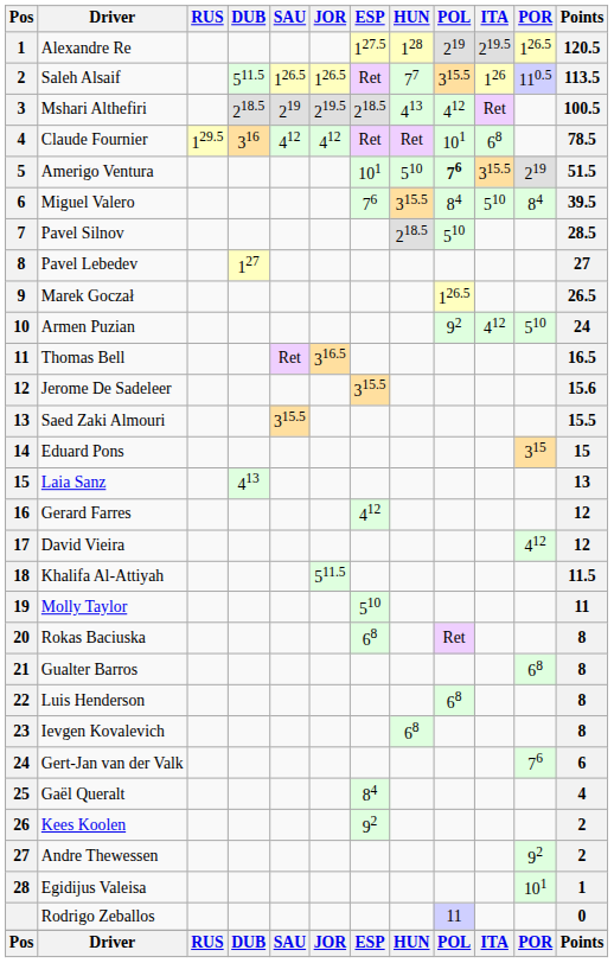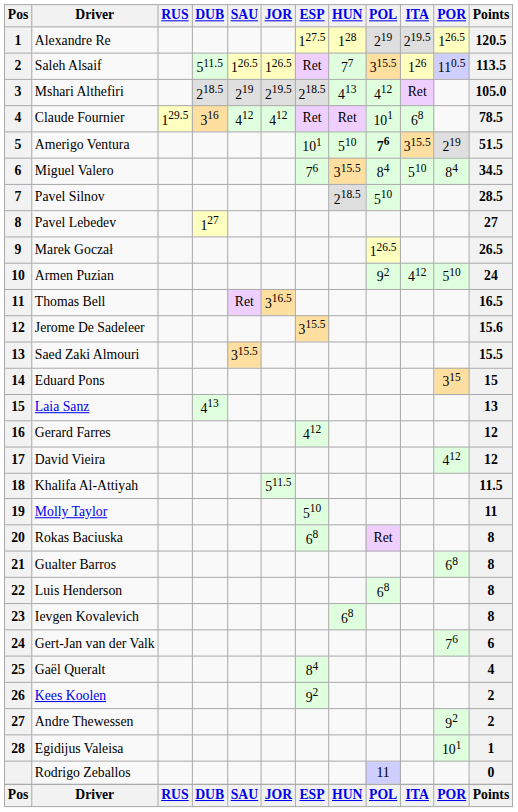 <table class="wikitable" style="font-size: 85%; text-align: center; display: inline-table;">
 <tr valign="top">
 <th valign="middle">Pos</th>
 <th valign="middle">Driver</th>
 <th><a href='#'>RUS</a><br></th>
 <th><a href='#'>DUB</a><br></th>
 <th><a href='#'>SAU</a><br></th>
 <th><a href='#'>JOR</a><br></th>
 <th><a href='#'>ESP</a><br></th>
 <th><a href='#'>HUN</a><br></th>
 <th><a href='#'>POL</a><br></th>
 <th><a href='#'>ITA</a><br></th>
 <th><a href='#'>POR</a><br></th>
 <th valign="middle">Points</th>
 </tr>
 <tr>
 <th>1</th>
 <td align="left"> Alexandre Re</td>
 <td></td>
 <td></td>
 <td></td>
 <td></td>
 <td style="background:#ffffbf;">1<sup>27.5</sup></td>
 <td style="background:#ffffbf;">1<sup>28</sup></td>
 <td style="background:#dfdfdf;">2<sup>19</sup></td>
 <td style="background:#dfdfdf;">2<sup>19.5</sup></td>
 <td style="background:#ffffbf;">1<sup>26.5</sup></td>
 <th>120.5</th>
 </tr>
 <tr>
 <th>2</th>
 <td align="left"> Saleh Alsaif</td>
 <td></td>
 <td style="background:#dfffdf;">5<sup>11.5</sup></td>
 <td style="background:#ffffbf;">1<sup>26.5</sup></td>
 <td style="background:#ffffbf;">1<sup>26.5</sup></td>
 <td style="background:#efcfff;">Ret</td>
 <td style="background:#dfffdf;">7<sup>7</sup></td>
 <td style="background:#ffdf9f;">3<sup>15.5</sup></td>
 <td style="background:#ffffbf;">1<sup>26</sup></td>
 <td style="background:#cfcfff;">11<sup>0.5</sup></td>
 <th>113.5</th>
 </tr>
 <tr>
 <th>3</th>
 <td align="left"> Mshari Althefiri</td>
 <td></td>
 <td style="background:#dfdfdf;">2<sup>18.5</sup></td>
 <td style="background:#dfdfdf;">2<sup>19</sup></td>
 <td style="background:#dfdfdf;">2<sup>19.5</sup></td>
 <td style="background:#dfdfdf;">2<sup>18.5</sup></td>
 <td style="background:#dfffdf;">4<sup>13</sup></td>
 <td style="background:#dfffdf;">4<sup>12</sup></td>
 <td style="background:#efcfff;">Ret</td>
 <td></td>
-<th>100.5</th>
+<th>105.0</th>
 </tr>
 <tr>
 <th>4</th>
 <td align="left"> Claude Fournier</td>
 <td style="background:#ffffbf;">1<sup>29.5</sup></td>
 <td style="background:#ffdf9f;">3<sup>16</sup></td>
 <td style="background:#dfffdf;">4<sup>12</sup></td>
 <td style="background:#dfffdf;">4<sup>12</sup></td>
 <td style="background:#efcfff;">Ret</td>
 <td style="background:#efcfff;">Ret</td>
 <td style="background:#dfffdf;">10<sup>1</sup></td>
 <td style="background:#dfffdf;">6<sup>8</sup></td>
 <td></td>
 <th>78.5</th>
 </tr>
 <tr>
 <th>5</th>
 <td align="left"> Amerigo Ventura</td>
 <td></td>
 <td></td>
 <td></td>
 <td></td>
 <td style="background:#dfffdf;">10<sup>1</sup></td>
 <td style="background:#dfffdf;">5<sup>10</sup></td>
 <td style="background:#dfffdf;"><strong>7<sup>6</sup></strong></td>
 <td style="background:#ffdf9f;">3<sup>15.5</sup></td>
 <td style="background:#dfdfdf;">2<sup>19</sup></td>
 <th>51.5</th>
 </tr>
 <tr>
 <th>6</th>
 <td align="left"> Miguel Valero</td>
 <td></td>
 <td></td>
 <td></td>
 <td></td>
 <td style="background:#dfffdf;">7<sup>6</sup></td>
 <td style="background:#ffdf9f;">3<sup>15.5</sup></td>
 <td style="background:#dfffdf;">8<sup>4</sup></td>
 <td style="background:#dfffdf;">5<sup>10</sup></td>
 <td style="background:#dfffdf;">8<sup>4</sup></td>
-<th>39.5</th>
+<th>34.5</th>
 </tr>
 <tr>
 <th>7</th>
 <td align="left"> Pavel Silnov</td>
 <td></td>
 <td></td>
 <td></td>
 <td></td>
 <td></td>
 <td style="background:#dfdfdf;">2<sup>18.5</sup></td>
 <td style="background:#dfffdf;">5<sup>10</sup></td>
 <td></td>
 <td></td>
 <th>28.5</th>
 </tr>
 <tr>
 <th>8</th>
 <td align="left"> Pavel Lebedev</td>
 <td></td>
 <td style="background:#ffffbf;">1<sup>27</sup></td>
 <td></td>
 <td></td>
 <td></td>
 <td></td>
 <td></td>
 <td></td>
 <td></td>
 <th>27</th>
 </tr>
 <tr>
 <th>9</th>
 <td align="left"> Marek Goczał</td>
 <td></td>
 <td></td>
 <td></td>
 <td></td>
 <td></td>
 <td></td>
 <td style="background:#ffffbf;">1<sup>26.5</sup></td>
 <td></td>
 <td></td>
 <th>26.5</th>
 </tr>
 <tr>
 <th>10</th>
 <td align="left"> Armen Puzian</td>
 <td></td>
 <td></td>
 <td></td>
 <td></td>
 <td></td>
 <td></td>
 <td style="background:#dfffdf;">9<sup>2</sup></td>
 <td style="background:#dfffdf;">4<sup>12</sup></td>
 <td style="background:#dfffdf;">5<sup>10</sup></td>
 <th>24</th>
 </tr>
 <tr>
 <th>11</th>
 <td align="left"> Thomas Bell</td>
 <td></td>
 <td></td>
 <td style="background:#efcfff;">Ret</td>
 <td style="background:#ffdf9f;">3<sup>16.5</sup></td>
 <td></td>
 <td></td>
 <td></td>
 <td></td>
 <td></td>
 <th>16.5</th>
 </tr>
 <tr>
 <th>12</th>
 <td align="left"> Jerome De Sadeleer</td>
 <td></td>
 <td></td>
 <td></td>
 <td></td>
 <td style="background:#ffdf9f;">3<sup>15.5</sup></td>
 <td></td>
 <td></td>
 <td></td>
 <td></td>
 <th>15.6</th>
 </tr>
 <tr>
 <th>13</th>
 <td align="left"> Saed Zaki Almouri</td>
 <td></td>
 <td></td>
 <td style="background:#ffdf9f;">3<sup>15.5</sup></td>
 <td></td>
 <td></td>
 <td></td>
 <td></td>
 <td></td>
 <td></td>
 <th>15.5</th>
 </tr>
 <tr>
 <th>14</th>
 <td align="left"> Eduard Pons</td>
 <td></td>
 <td></td>
 <td></td>
 <td></td>
 <td></td>
 <td></td>
 <td></td>
 <td></td>
 <td style="background:#ffdf9f;">3<sup>15</sup></td>
 <th>15</th>
 </tr>
 <tr>
 <th>15</th>
 <td align="left"> <a href='#'>Laia Sanz</a></td>
 <td></td>
 <td style="background:#dfffdf;">4<sup>13</sup></td>
 <td></td>
 <td></td>
 <td></td>
 <td></td>
 <td></td>
 <td></td>
 <td></td>
 <th>13</th>
 </tr>
 <tr>
 <th>16</th>
 <td align="left"> Gerard Farres</td>
 <td></td>
 <td></td>
 <td></td>
 <td></td>
 <td style="background:#dfffdf;">4<sup>12</sup></td>
 <td></td>
 <td></td>
 <td></td>
 <td></td>
 <th>12</th>
 </tr>
 <tr>
 <th>17</th>
 <td align="left"> David Vieira</td>
 <td></td>
 <td></td>
 <td></td>
 <td></td>
 <td></td>
 <td></td>
 <td></td>
 <td></td>
 <td style="background:#dfffdf;">4<sup>12</sup></td>
 <th>12</th>
 </tr>
 <tr>
 <th>18</th>
 <td align="left"> Khalifa Al-Attiyah</td>
 <td></td>
 <td></td>
 <td></td>
 <td style="background:#dfffdf;">5<sup>11.5</sup></td>
 <td></td>
 <td></td>
 <td></td>
 <td></td>
 <td></td>
 <th>11.5</th>
 </tr>
 <tr>
 <th>19</th>
 <td align="left"> <a href='#'>Molly Taylor</a></td>
 <td></td>
 <td></td>
 <td></td>
 <td></td>
 <td style="background:#dfffdf;">5<sup>10</sup></td>
 <td></td>
 <td></td>
 <td></td>
 <td></td>
 <th>11</th>
 </tr>
 <tr>
 <th>20</th>
 <td align="left"> Rokas Baciuska</td>
 <td></td>
 <td></td>
 <td></td>
 <td></td>
 <td style="background:#dfffdf;">6<sup>8</sup></td>
 <td></td>
 <td style="background:#efcfff;">Ret</td>
 <td></td>
 <td></td>
 <th>8</th>
 </tr>
 <tr>
 <th>21</th>
 <td align="left"> Gualter Barros</td>
 <td></td>
 <td></td>
 <td></td>
 <td></td>
 <td></td>
 <td></td>
 <td></td>
 <td></td>
 <td style="background:#dfffdf;">6<sup>8</sup></td>
 <th>8</th>
 </tr>
 <tr>
 <th>22</th>
 <td align="left"> Luis Henderson</td>
 <td></td>
 <td></td>
 <td></td>
 <td></td>
 <td></td>
 <td></td>
 <td style="background:#dfffdf;">6<sup>8</sup></td>
 <td></td>
 <td></td>
 <th>8</th>
 </tr>
 <tr>
 <th>23</th>
 <td align="left"> Ievgen Kovalevich</td>
 <td></td>
 <td></td>
 <td></td>
 <td></td>
 <td></td>
 <td style="background:#dfffdf;">6<sup>8</sup></td>
 <td></td>
 <td></td>
 <td></td>
 <th>8</th>
 </tr>
 <tr>
 <th>24</th>
 <td align="left"> Gert-Jan van der Valk</td>
 <td></td>
 <td></td>
 <td></td>
 <td></td>
 <td></td>
 <td></td>
 <td></td>
 <td></td>
 <td style="background:#dfffdf;">7<sup>6</sup></td>
 <th>6</th>
 </tr>
 <tr>
 <th>25</th>
 <td align="left"> Gaël Queralt</td>
 <td></td>
 <td></td>
 <td></td>
 <td></td>
 <td style="background:#dfffdf;">8<sup>4</sup></td>
 <td></td>
 <td></td>
 <td></td>
 <td></td>
 <th>4</th>
 </tr>
 <tr>
 <th>26</th>
 <td align="left"> <a href='#'>Kees Koolen</a></td>
 <td></td>
 <td></td>
 <td></td>
 <td></td>
 <td style="background:#dfffdf;">9<sup>2</sup></td>
 <td></td>
 <td></td>
 <td></td>
 <td></td>
 <th>2</th>
 </tr>
 <tr>
 <th>27</th>
 <td align="left"> Andre Thewessen</td>
 <td></td>
 <td></td>
 <td></td>
 <td></td>
 <td></td>
 <td></td>
 <td></td>
 <td></td>
 <td style="background:#dfffdf;">9<sup>2</sup></td>
 <th>2</th>
 </tr>
 <tr>
 <th>28</th>
 <td align="left"> Egidijus Valeisa</td>
 <td></td>
 <td></td>
 <td></td>
 <td></td>
 <td></td>
 <td></td>
 <td></td>
 <td></td>
 <td style="background:#dfffdf;">10<sup>1</sup></td>
 <th>1</th>
 </tr>
 <tr>
 <th></th>
 <td align="left"> Rodrigo Zeballos</td>
 <td></td>
 <td></td>
 <td></td>
 <td></td>
 <td></td>
 <td></td>
 <td style="background:#cfcfff;">11</td>
 <td></td>
 <td></td>
 <th>0</th>
 </tr>
 <tr>
 </tr>
 <tr valign="top">
 <th valign="middle">Pos</th>
 <th valign="middle">Driver</th>
 <th><a href='#'>RUS</a><br></th>
 <th><a href='#'>DUB</a><br></th>
 <th><a href='#'>SAU</a><br></th>
 <th><a href='#'>JOR</a><br></th>
 <th><a href='#'>ESP</a><br></th>
 <th><a href='#'>HUN</a><br></th>
 <th><a href='#'>POL</a><br></th>
 <th><a href='#'>ITA</a><br></th>
 <th><a href='#'>POR</a><br></th>
 <th valign="middle">Points</th>
 </tr>
 </table>
